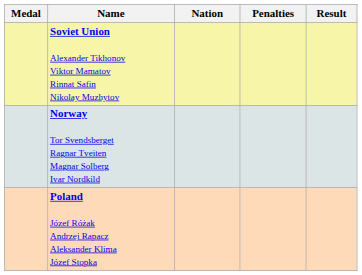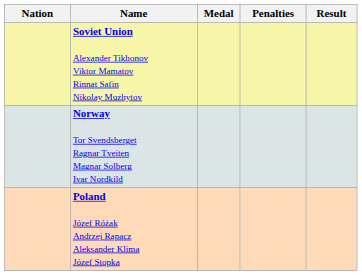 <table class=wikitable style="border:1px solid #AAAAAA;font-size:90%">
 <tr bgcolor="#E4E4E4">
+<th style="border-bottom:1px solid #AAAAAA" width=80>Nation</th>
+<th style="border-bottom:1px solid #AAAAAA" width=160>Name</th>
 <th style="border-bottom:1px solid #AAAAAA" width=50>Medal</th>
-<th style="border-bottom:1px solid #AAAAAA" width=160>Name</th>
-<th style="border-bottom:1px solid #AAAAAA" width=80>Nation</th>
 <th style="border-bottom:1px solid #AAAAAA" width=80>Penalties</th>
 <th style="border-bottom:1px solid #AAAAAA" width=60>Result</th>
 </tr>
 <tr bgcolor="#F7F6A8">
+<td></td>
+<td><strong><a href='#'>Soviet Union</a></strong><br><br><small><a href='#'>Alexander Tikhonov</a><br><a href='#'>Viktor Mamatov</a><br><a href='#'>Rinnat Safin</a><br><a href='#'>Nikolay Muzhytov</a></small></td>
 <td align="center"></td>
-<td><strong><a href='#'>Soviet Union</a></strong><br><br><small><a href='#'>Alexander Tikhonov</a><br><a href='#'>Viktor Mamatov</a><br><a href='#'>Rinnat Safin</a><br><a href='#'>Nikolay Muzhytov</a></small></td>
-<td></td>
 <td align="center"></td>
 <td align="center"></td>
 </tr>
 <tr bgcolor="#DCE5E5">
+<td></td>
+<td><strong><a href='#'>Norway</a></strong><br><br><small><a href='#'>Tor Svendsberget</a><br><a href='#'>Ragnar Tveiten</a><br><a href='#'>Magnar Solberg</a><br><a href='#'>Ivar Nordkild</a></small></td>
 <td align="center"></td>
-<td><strong><a href='#'>Norway</a></strong><br><br><small><a href='#'>Tor Svendsberget</a><br><a href='#'>Ragnar Tveiten</a><br><a href='#'>Magnar Solberg</a><br><a href='#'>Ivar Nordkild</a></small></td>
-<td></td>
 <td align="center"></td>
 <td align="right"></td>
 </tr>
 <tr bgcolor="#FFDAB9">
+<td></td>
+<td><strong><a href='#'>Poland</a></strong><br><br><small><a href='#'>Józef Różak</a><br><a href='#'>Andrzej Rapacz</a><br><a href='#'>Aleksander Klima</a><br><a href='#'>Józef Stopka</a></small></td>
 <td align="center"></td>
-<td><strong><a href='#'>Poland</a></strong><br><br><small><a href='#'>Józef Różak</a><br><a href='#'>Andrzej Rapacz</a><br><a href='#'>Aleksander Klima</a><br><a href='#'>Józef Stopka</a></small></td>
-<td></td>
 <td align="center"></td>
 <td align="right"></td>
 </tr>
 </table>
